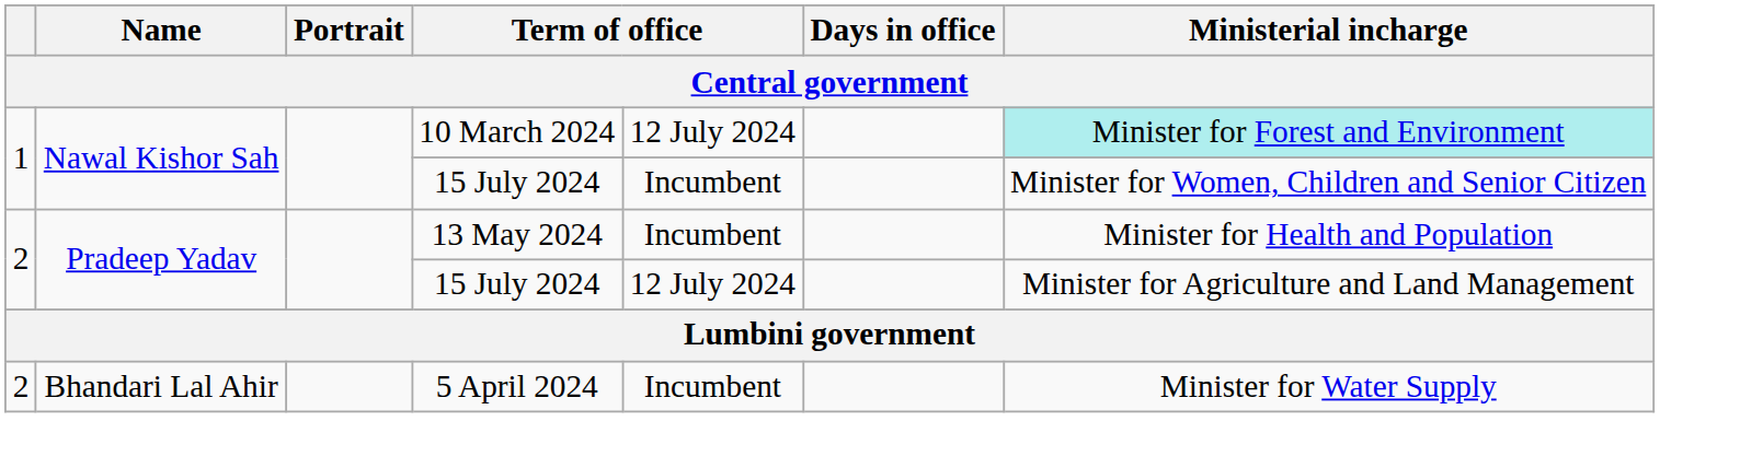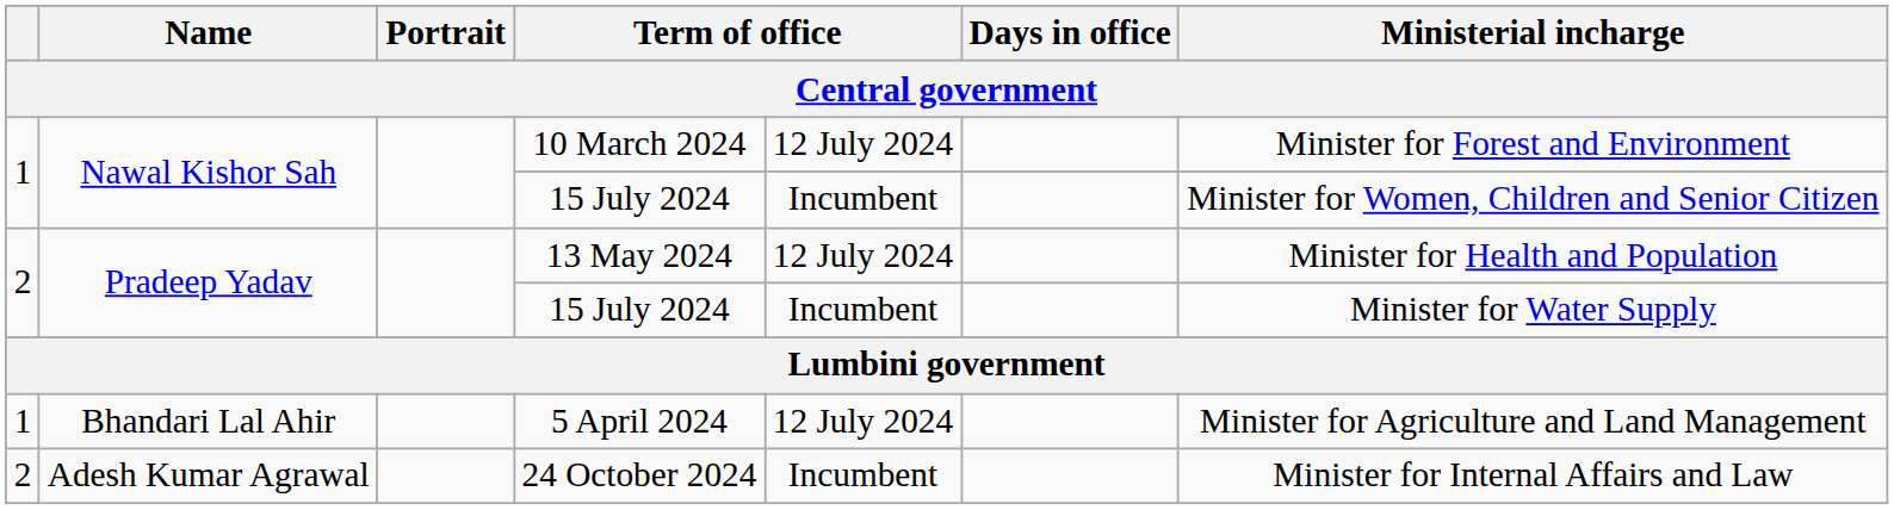 <table class="wikitable" style="text-align:center">
 <tr>
 <th style="background:"></th>
 <th style="background:">Name</th>
 <th style="background:">Portrait</th>
 <th colspan="2" style="background:">Term of office</th>
 <th style="background:">Days in office</th>
 <th style="background:">Ministerial incharge</th>
 </tr>
 <tr>
 <th colspan="7"><a href='#'>Central government</a></th>
 </tr>
 <tr>
 <td rowspan="2">1</td>
 <td rowspan="2"><a href='#'>Nawal Kishor Sah</a></td>
 <td rowspan="2"></td>
 <td>10 March 2024</td>
 <td>12 July 2024</td>
 <td></td>
-<td style="background: paleturquoise;">Minister for <a href='#'>Forest and Environment</a></td>
+<td>Minister for <a href='#'>Forest and Environment</a></td>
 </tr>
 <tr>
 <td>15 July 2024</td>
 <td>Incumbent</td>
 <td></td>
 <td>Minister for <a href='#'>Women, Children and Senior Citizen</a></td>
 </tr>
 <tr>
 <td rowspan="2">2</td>
 <td rowspan="2"><a href='#'>Pradeep Yadav</a></td>
 <td rowspan="2"></td>
 <td>13 May 2024</td>
-<td>Incumbent</td>
+<td>12 July 2024</td>
 <td></td>
 <td>Minister for <a href='#'>Health and Population</a></td>
 </tr>
 <tr>
 <td>15 July 2024</td>
+<td>Incumbent</td>
+<td></td>
+<td>Minister for <a href='#'>Water Supply</a></td>
+</tr>
+<tr>
+<th colspan="7">Lumbini government</th>
+</tr>
+<tr>
+<td>1</td>
+<td>Bhandari Lal Ahir</td>
+<td></td>
+<td>5 April 2024</td>
 <td>12 July 2024</td>
 <td></td>
 <td>Minister for Agriculture and Land Management</td>
 </tr>
 <tr>
-<th colspan="7">Lumbini government</th>
-</tr>
-<tr>
 <td>2</td>
-<td>Bhandari Lal Ahir</td>
+<td>Adesh Kumar Agrawal</td>
 <td></td>
-<td>5 April 2024</td>
+<td>24 October 2024</td>
 <td>Incumbent</td>
 <td></td>
-<td>Minister for <a href='#'>Water Supply</a></td>
+<td>Minister for Internal Affairs and Law</td>
 </tr>
 </table>
